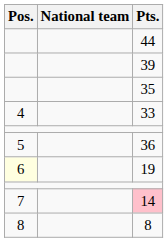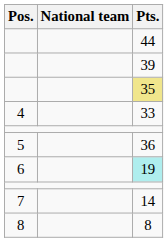 <table class=wikitable style="font-size: 95%">
 <tr>
 <th>Pos.</th>
 <th>National team</th>
 <th>Pts.</th>
 </tr>
 <tr align=center>
 <td></td>
 <td align=left></td>
 <td>44</td>
 </tr>
 <tr align=center>
 <td></td>
 <td align=left></td>
 <td>39</td>
 </tr>
 <tr align=center>
 <td></td>
 <td align=left></td>
-<td>35</td>
+<td style="background: khaki;">35</td>
 </tr>
 <tr align=center>
 <td>4</td>
 <td align=left></td>
 <td>33</td>
 </tr>
 <tr>
 <td colspan=3 ></td>
 </tr>
 <tr align=center>
 <td>5</td>
 <td align=left></td>
 <td>36</td>
 </tr>
 <tr align=center>
-<td style="background: lightyellow;">6</td>
+<td>6</td>
 <td align=left></td>
-<td>19</td>
+<td style="background: paleturquoise;">19</td>
 </tr>
 <tr>
 <td colspan=3 ></td>
 </tr>
 <tr align=center>
 <td>7</td>
 <td align=left></td>
-<td style="background: pink;">14</td>
+<td>14</td>
 </tr>
 <tr align=center>
 <td>8</td>
 <td align=left></td>
 <td>8</td>
 </tr>
 </table>
